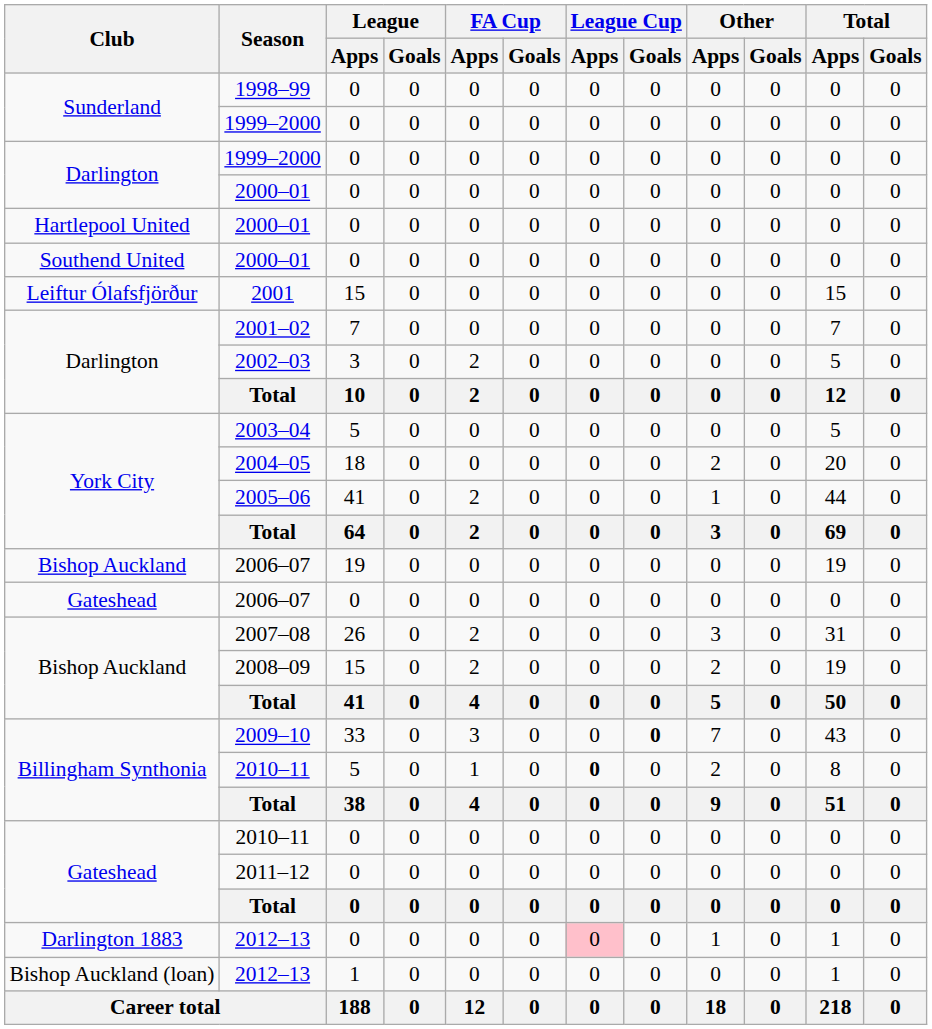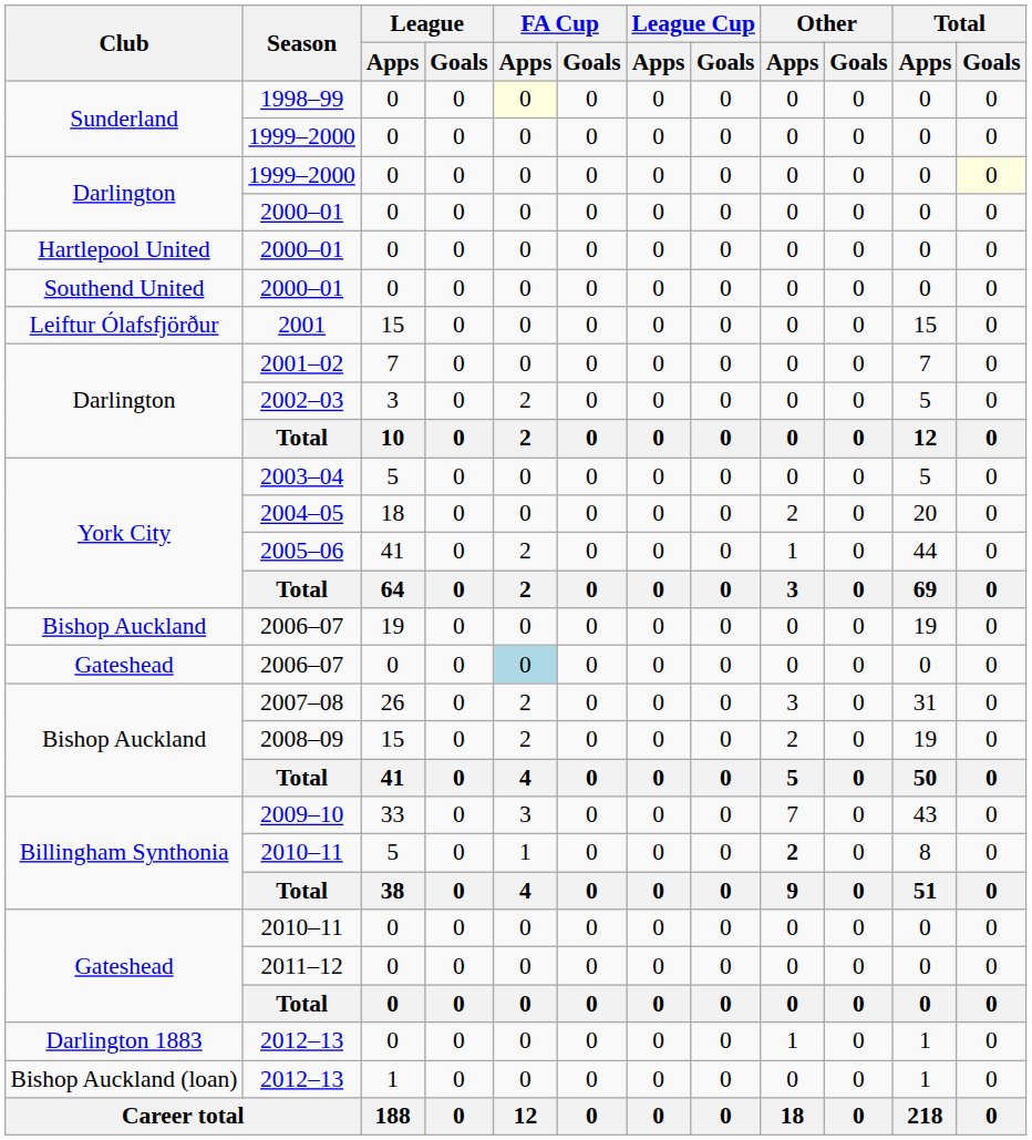 <table class="wikitable" style="text-align:center">
 <tr>
 <th rowspan="2">Club</th>
 <th rowspan="2">Season</th>
 <th colspan="2">League</th>
 <th colspan="2"><a href='#'>FA Cup</a></th>
 <th colspan="2"><a href='#'>League Cup</a></th>
 <th colspan="2">Other</th>
 <th colspan="2">Total</th>
 </tr>
 <tr>
 <th>Apps</th>
 <th>Goals</th>
 <th>Apps</th>
 <th>Goals</th>
 <th>Apps</th>
 <th>Goals</th>
 <th>Apps</th>
 <th>Goals</th>
 <th>Apps</th>
 <th>Goals</th>
 </tr>
 <tr>
 <td rowspan="2"><a href='#'>Sunderland</a></td>
 <td><a href='#'>1998–99</a></td>
 <td>0</td>
 <td>0</td>
-<td>0</td>
+<td style="background: lightyellow;">0</td>
 <td>0</td>
 <td>0</td>
 <td>0</td>
 <td>0</td>
 <td>0</td>
 <td>0</td>
 <td>0</td>
 </tr>
 <tr>
 <td><a href='#'>1999–2000</a></td>
 <td>0</td>
 <td>0</td>
 <td>0</td>
 <td>0</td>
 <td>0</td>
 <td>0</td>
 <td>0</td>
 <td>0</td>
 <td>0</td>
 <td>0</td>
 </tr>
 <tr>
 <td rowspan="2"><a href='#'>Darlington</a></td>
 <td><a href='#'>1999–2000</a></td>
 <td>0</td>
 <td>0</td>
 <td>0</td>
 <td>0</td>
 <td>0</td>
 <td>0</td>
 <td>0</td>
 <td>0</td>
 <td>0</td>
-<td>0</td>
+<td style="background: lightyellow;">0</td>
 </tr>
 <tr>
 <td><a href='#'>2000–01</a></td>
 <td>0</td>
 <td>0</td>
 <td>0</td>
 <td>0</td>
 <td>0</td>
 <td>0</td>
 <td>0</td>
 <td>0</td>
 <td>0</td>
 <td>0</td>
 </tr>
 <tr>
 <td><a href='#'>Hartlepool United</a></td>
 <td><a href='#'>2000–01</a></td>
 <td>0</td>
 <td>0</td>
 <td>0</td>
 <td>0</td>
 <td>0</td>
 <td>0</td>
 <td>0</td>
 <td>0</td>
 <td>0</td>
 <td>0</td>
 </tr>
 <tr>
 <td><a href='#'>Southend United</a></td>
 <td><a href='#'>2000–01</a></td>
 <td>0</td>
 <td>0</td>
 <td>0</td>
 <td>0</td>
 <td>0</td>
 <td>0</td>
 <td>0</td>
 <td>0</td>
 <td>0</td>
 <td>0</td>
 </tr>
 <tr>
 <td><a href='#'>Leiftur Ólafsfjörður</a></td>
 <td><a href='#'>2001</a></td>
 <td>15</td>
 <td>0</td>
 <td>0</td>
 <td>0</td>
 <td>0</td>
 <td>0</td>
 <td>0</td>
 <td>0</td>
 <td>15</td>
 <td>0</td>
 </tr>
 <tr>
 <td rowspan="3">Darlington</td>
 <td><a href='#'>2001–02</a></td>
 <td>7</td>
 <td>0</td>
 <td>0</td>
 <td>0</td>
 <td>0</td>
 <td>0</td>
 <td>0</td>
 <td>0</td>
 <td>7</td>
 <td>0</td>
 </tr>
 <tr>
 <td><a href='#'>2002–03</a></td>
 <td>3</td>
 <td>0</td>
 <td>2</td>
 <td>0</td>
 <td>0</td>
 <td>0</td>
 <td>0</td>
 <td>0</td>
 <td>5</td>
 <td>0</td>
 </tr>
 <tr>
 <th>Total</th>
 <th>10</th>
 <th>0</th>
 <th>2</th>
 <th>0</th>
 <th>0</th>
 <th>0</th>
 <th>0</th>
 <th>0</th>
 <th>12</th>
 <th>0</th>
 </tr>
 <tr>
 <td rowspan="4"><a href='#'>York City</a></td>
 <td><a href='#'>2003–04</a></td>
 <td>5</td>
 <td>0</td>
 <td>0</td>
 <td>0</td>
 <td>0</td>
 <td>0</td>
 <td>0</td>
 <td>0</td>
 <td>5</td>
 <td>0</td>
 </tr>
 <tr>
 <td><a href='#'>2004–05</a></td>
 <td>18</td>
 <td>0</td>
 <td>0</td>
 <td>0</td>
 <td>0</td>
 <td>0</td>
 <td>2</td>
 <td>0</td>
 <td>20</td>
 <td>0</td>
 </tr>
 <tr>
 <td><a href='#'>2005–06</a></td>
 <td>41</td>
 <td>0</td>
 <td>2</td>
 <td>0</td>
 <td>0</td>
 <td>0</td>
 <td>1</td>
 <td>0</td>
 <td>44</td>
 <td>0</td>
 </tr>
 <tr>
 <th>Total</th>
 <th>64</th>
 <th>0</th>
 <th>2</th>
 <th>0</th>
 <th>0</th>
 <th>0</th>
 <th>3</th>
 <th>0</th>
 <th>69</th>
 <th>0</th>
 </tr>
 <tr>
 <td><a href='#'>Bishop Auckland</a></td>
 <td>2006–07</td>
 <td>19</td>
 <td>0</td>
 <td>0</td>
 <td>0</td>
 <td>0</td>
 <td>0</td>
 <td>0</td>
 <td>0</td>
 <td>19</td>
 <td>0</td>
 </tr>
 <tr>
 <td><a href='#'>Gateshead</a></td>
 <td>2006–07</td>
 <td>0</td>
 <td>0</td>
-<td>0</td>
+<td style="background: lightblue;">0</td>
 <td>0</td>
 <td>0</td>
 <td>0</td>
 <td>0</td>
 <td>0</td>
 <td>0</td>
 <td>0</td>
 </tr>
 <tr>
 <td rowspan="3">Bishop Auckland</td>
 <td>2007–08</td>
 <td>26</td>
 <td>0</td>
 <td>2</td>
 <td>0</td>
 <td>0</td>
 <td>0</td>
 <td>3</td>
 <td>0</td>
 <td>31</td>
 <td>0</td>
 </tr>
 <tr>
 <td>2008–09</td>
 <td>15</td>
 <td>0</td>
 <td>2</td>
 <td>0</td>
 <td>0</td>
 <td>0</td>
 <td>2</td>
 <td>0</td>
 <td>19</td>
 <td>0</td>
 </tr>
 <tr>
 <th>Total</th>
 <th>41</th>
 <th>0</th>
 <th>4</th>
 <th>0</th>
 <th>0</th>
 <th>0</th>
 <th>5</th>
 <th>0</th>
 <th>50</th>
 <th>0</th>
 </tr>
 <tr>
 <td rowspan="3"><a href='#'>Billingham Synthonia</a></td>
 <td><a href='#'>2009–10</a></td>
 <td>33</td>
 <td>0</td>
 <td>3</td>
 <td>0</td>
 <td>0</td>
-<td><strong>0</strong></td>
+<td>0</td>
 <td>7</td>
 <td>0</td>
 <td>43</td>
 <td>0</td>
 </tr>
 <tr>
 <td><a href='#'>2010–11</a></td>
 <td>5</td>
 <td>0</td>
 <td>1</td>
 <td>0</td>
-<td><strong>0</strong></td>
 <td>0</td>
-<td>2</td>
+<td>0</td>
+<td><strong>2</strong></td>
 <td>0</td>
 <td>8</td>
 <td>0</td>
 </tr>
 <tr>
 <th>Total</th>
 <th>38</th>
 <th>0</th>
 <th>4</th>
 <th>0</th>
 <th>0</th>
 <th>0</th>
 <th>9</th>
 <th>0</th>
 <th>51</th>
 <th>0</th>
 </tr>
 <tr>
 <td rowspan="3"><a href='#'>Gateshead</a></td>
 <td>2010–11</td>
 <td>0</td>
 <td>0</td>
 <td>0</td>
 <td>0</td>
 <td>0</td>
 <td>0</td>
 <td>0</td>
 <td>0</td>
 <td>0</td>
 <td>0</td>
 </tr>
 <tr>
 <td>2011–12</td>
 <td>0</td>
 <td>0</td>
 <td>0</td>
 <td>0</td>
 <td>0</td>
 <td>0</td>
 <td>0</td>
 <td>0</td>
 <td>0</td>
 <td>0</td>
 </tr>
 <tr>
 <th>Total</th>
 <th>0</th>
 <th>0</th>
 <th>0</th>
 <th>0</th>
 <th>0</th>
 <th>0</th>
 <th>0</th>
 <th>0</th>
 <th>0</th>
 <th>0</th>
 </tr>
 <tr>
 <td><a href='#'>Darlington 1883</a></td>
 <td><a href='#'>2012–13</a></td>
 <td>0</td>
 <td>0</td>
 <td>0</td>
 <td>0</td>
-<td style="background: pink;">0</td>
+<td>0</td>
 <td>0</td>
 <td>1</td>
 <td>0</td>
 <td>1</td>
 <td>0</td>
 </tr>
 <tr>
 <td>Bishop Auckland (loan)</td>
 <td><a href='#'>2012–13</a></td>
 <td>1</td>
 <td>0</td>
 <td>0</td>
 <td>0</td>
 <td>0</td>
 <td>0</td>
 <td>0</td>
 <td>0</td>
 <td>1</td>
 <td>0</td>
 </tr>
 <tr>
 <th colspan="2">Career total</th>
 <th>188</th>
 <th>0</th>
 <th>12</th>
 <th>0</th>
 <th>0</th>
 <th>0</th>
 <th>18</th>
 <th>0</th>
 <th>218</th>
 <th>0</th>
 </tr>
 </table>
